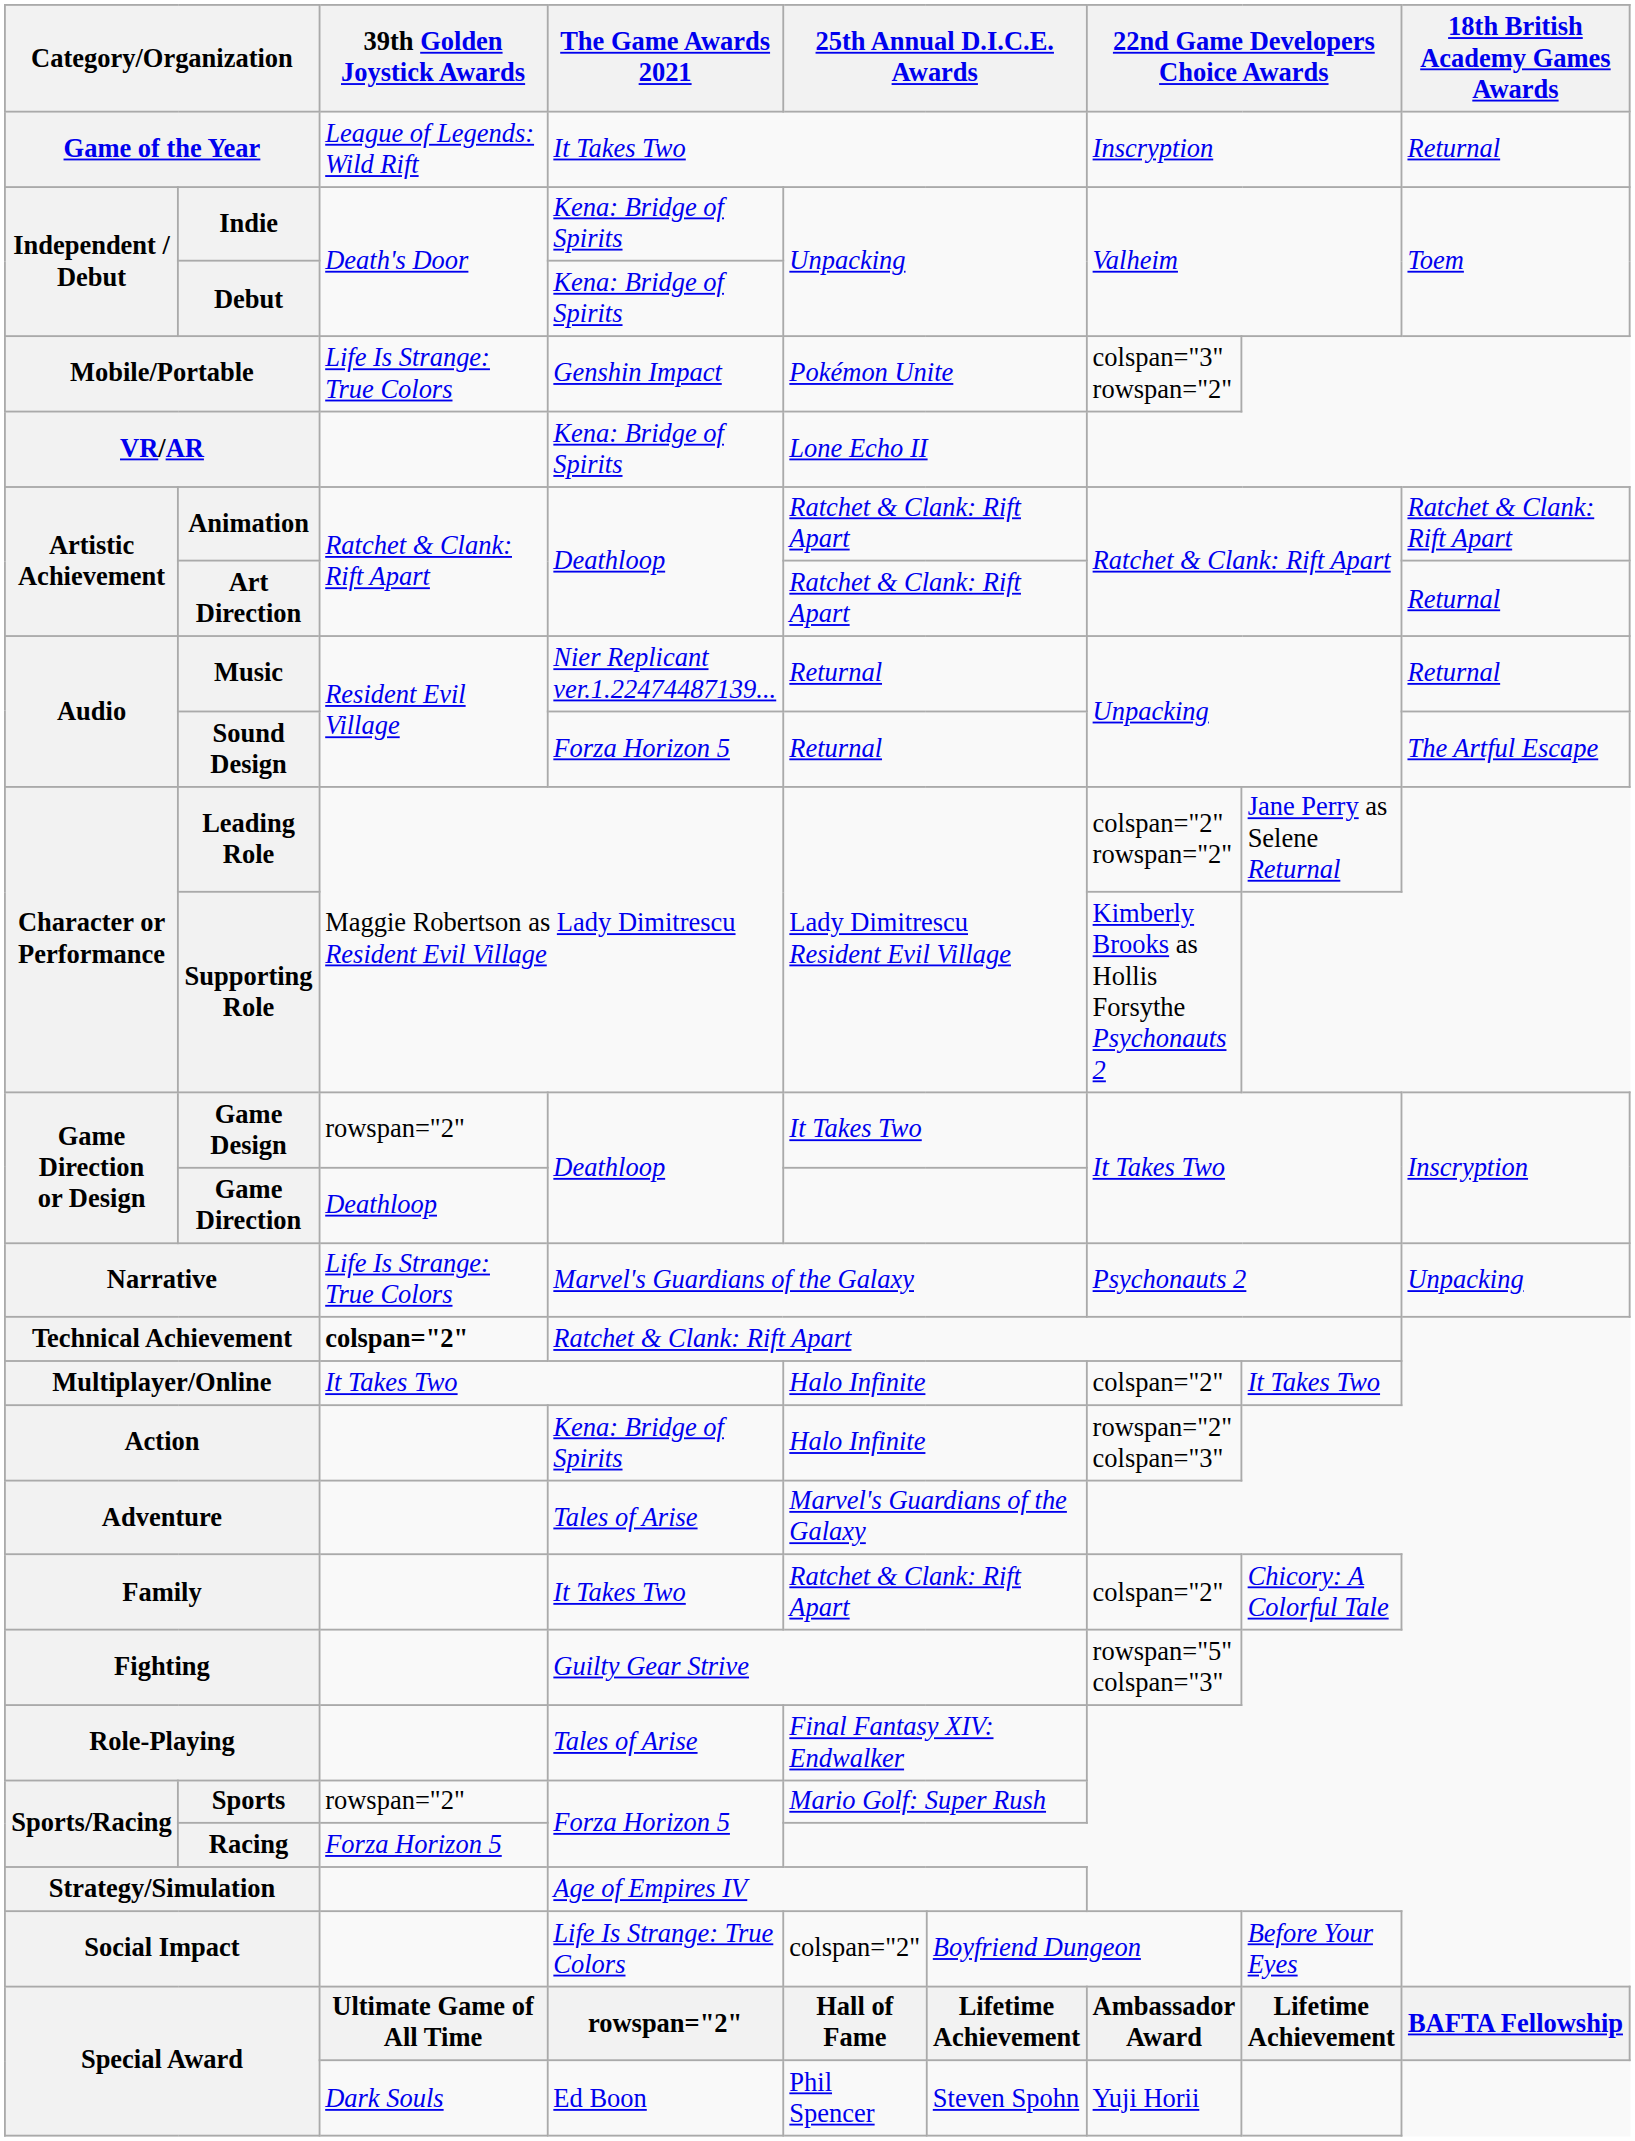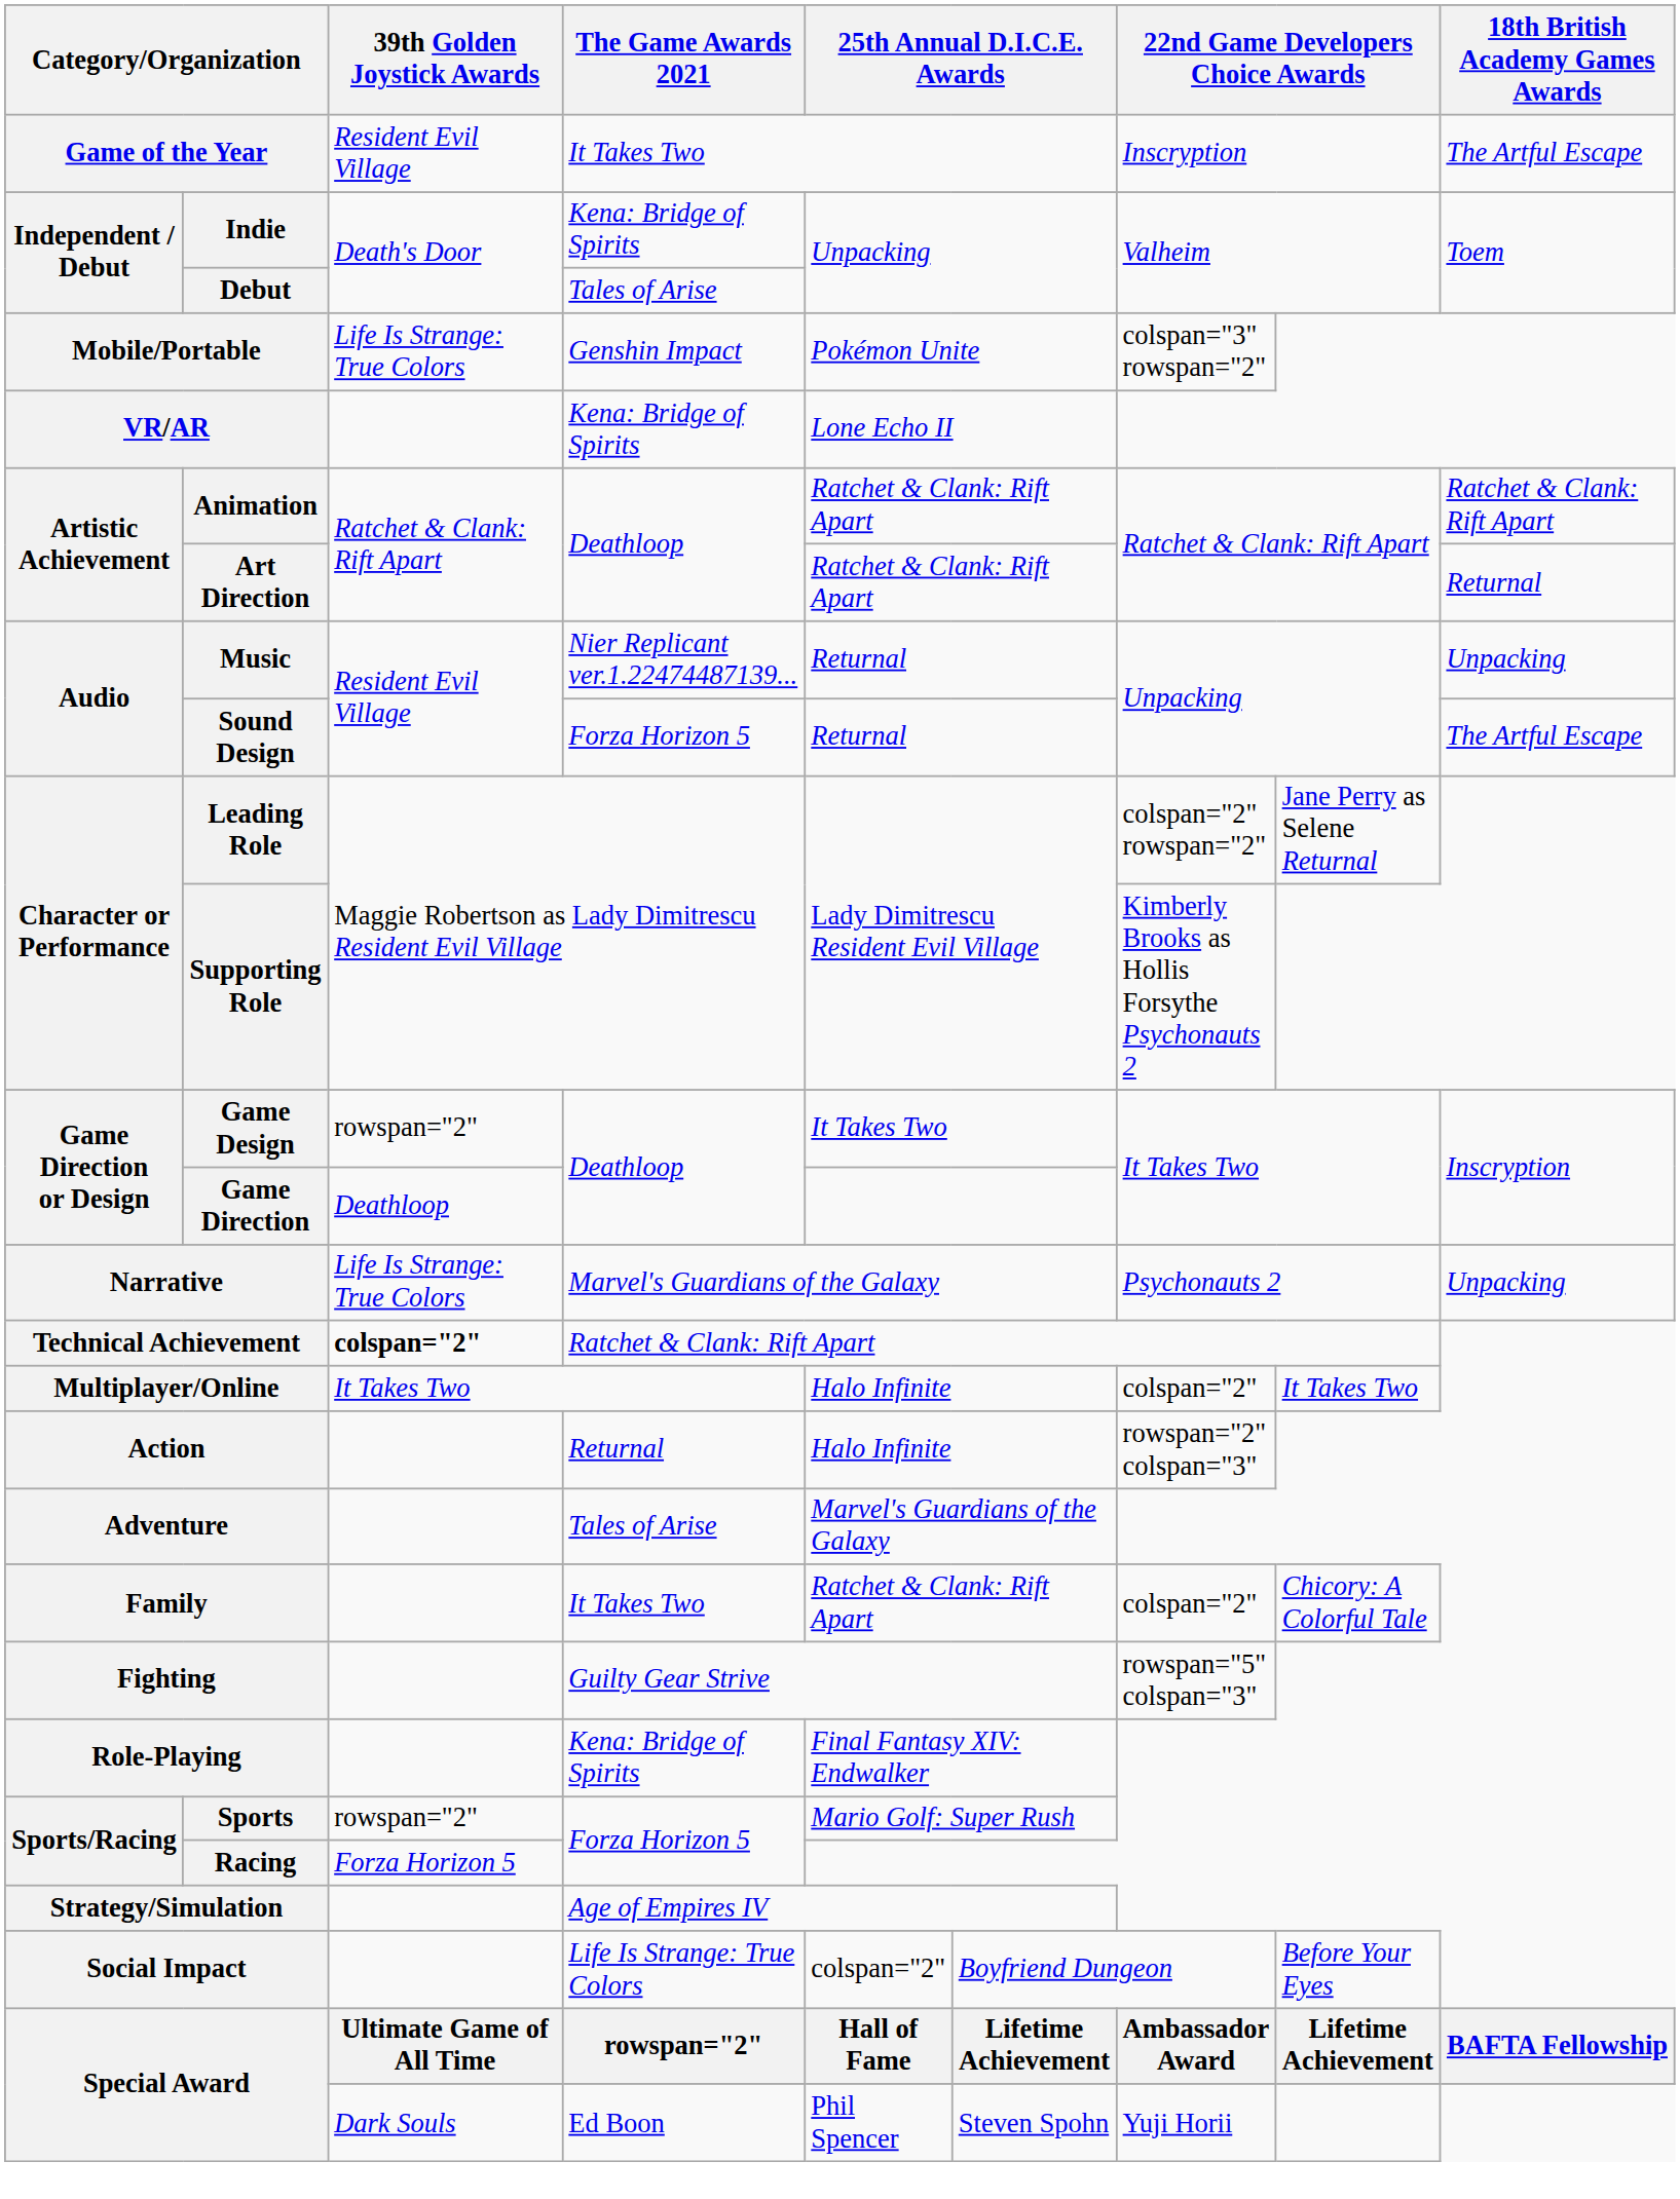 <table class="wikitable" style="border:none; margin:0; width:100%; font-size: 90%;">
 <tr>
 <th colspan="2" style="width:16%;">Category/Organization</th>
 <th style="width:14%;">39th <a href='#'>Golden Joystick Awards</a><br></th>
 <th style="width:14%;"><a href='#'>The Game Awards 2021</a><br></th>
 <th colspan="2" style="width:14%;"><a href='#'>25th Annual D.I.C.E. Awards</a><br></th>
 <th colspan="2" style="width:14%;"><a href='#'>22nd Game Developers Choice Awards</a><br></th>
 <th style="width:14%;"><a href='#'>18th British Academy Games Awards</a><br></th>
 </tr>
 <tr>
 <th scope="row" colspan="2"><a href='#'>Game of the Year</a></th>
-<td><em><a href='#'>League of Legends: Wild Rift</a></em></td>
+<td><em><a href='#'>Resident Evil Village</a></em></td>
 <td colspan="3"><em><a href='#'>It Takes Two</a></em></td>
 <td colspan="2"><em><a href='#'>Inscryption</a></em></td>
-<td><em><a href='#'>Returnal</a></em></td>
+<td><em><a href='#'>The Artful Escape</a></em></td>
 </tr>
 <tr>
 <th scope="row"  rowspan="2" style="width:9%;">Independent / Debut</th>
 <th>Indie</th>
 <td rowspan="2"><em><a href='#'>Death's Door</a></em></td>
 <td><em><a href='#'>Kena: Bridge of Spirits</a></em></td>
 <td rowspan="2" colspan="2"><em><a href='#'>Unpacking</a></em></td>
 <td rowspan="2" colspan="2"><em><a href='#'>Valheim</a></em></td>
 <td rowspan="2"><em><a href='#'>Toem</a></em></td>
 </tr>
 <tr>
 <th scope="row">Debut</th>
-<td><em><a href='#'>Kena: Bridge of Spirits</a></em></td>
+<td><em><a href='#'>Tales of Arise</a></em></td>
 </tr>
 <tr>
 <th scope="row" colspan="2">Mobile/Portable</th>
 <td><em><a href='#'>Life Is Strange: True Colors</a></em></td>
 <td><em><a href='#'>Genshin Impact</a></em></td>
 <td colspan="2"><em><a href='#'>Pokémon Unite</a></em></td>
 <td>colspan="3" rowspan="2" </td>
 </tr>
 <tr>
 <th scope="row" colspan="2"><a href='#'>VR</a>/<a href='#'>AR</a></th>
 <td></td>
 <td><em><a href='#'>Kena: Bridge of Spirits</a></em></td>
 <td colspan="2"><em><a href='#'>Lone Echo II</a></em></td>
 </tr>
 <tr>
 <th scope="row" rowspan="2" style="width:9%;">Artistic Achievement</th>
 <th>Animation</th>
 <td rowspan="2"><em><a href='#'>Ratchet & Clank: Rift Apart</a></em></td>
 <td rowspan="2"><em><a href='#'>Deathloop</a></em></td>
 <td colspan="2"><em><a href='#'>Ratchet & Clank: Rift Apart</a></em></td>
 <td rowspan="2" colspan="2"><em><a href='#'>Ratchet & Clank: Rift Apart</a></em></td>
 <td><em><a href='#'>Ratchet & Clank: Rift Apart</a></em></td>
 </tr>
 <tr>
 <th scope="row">Art Direction</th>
 <td colspan="2"><em><a href='#'>Ratchet & Clank: Rift Apart</a></em></td>
 <td><em><a href='#'>Returnal</a></em></td>
 </tr>
 <tr>
 <th scope="row" rowspan="2" style="width:9%;">Audio</th>
 <th>Music</th>
 <td rowspan="2"><em><a href='#'>Resident Evil Village</a></em></td>
 <td><em><a href='#'>Nier Replicant ver.1.22474487139...</a></em></td>
 <td colspan="2"><em><a href='#'>Returnal</a></em></td>
 <td rowspan="2" colspan="2"><em><a href='#'>Unpacking</a></em></td>
-<td><em><a href='#'>Returnal</a></em></td>
+<td><em><a href='#'>Unpacking</a></em></td>
 </tr>
 <tr>
 <th scope="row">Sound Design</th>
 <td><em><a href='#'>Forza Horizon 5</a></em></td>
 <td colspan="2"><em><a href='#'>Returnal</a></em></td>
 <td><em><a href='#'>The Artful Escape</a></em></td>
 </tr>
 <tr>
 <th scope="row" rowspan="2">Character or Performance</th>
 <th>Leading Role</th>
 <td rowspan="2" colspan="2">Maggie Robertson as <a href='#'>Lady Dimitrescu</a><br><em><a href='#'>Resident Evil Village</a></em></td>
 <td colspan="2" rowspan="2"><a href='#'>Lady Dimitrescu</a><br> <em><a href='#'>Resident Evil Village</a></em></td>
 <td>colspan="2" rowspan="2" </td>
 <td><a href='#'>Jane Perry</a> as Selene<br><em><a href='#'>Returnal</a></em></td>
 </tr>
 <tr>
 <th scope="row">Supporting Role</th>
 <td><a href='#'>Kimberly Brooks</a> as Hollis Forsythe<br><em><a href='#'>Psychonauts 2</a></em></td>
 </tr>
 <tr>
 <th scope="row" rowspan="2" style="width:9%;">Game Direction<br> or Design</th>
 <th>Game Design</th>
 <td>rowspan="2" </td>
 <td rowspan="2"><em><a href='#'>Deathloop</a></em></td>
 <td colspan="2"><em><a href='#'>It Takes Two</a></em></td>
 <td rowspan="2" colspan="2"><em><a href='#'>It Takes Two</a></em></td>
 <td rowspan="2"><em><a href='#'>Inscryption</a></em></td>
 </tr>
 <tr>
 <th scope="row">Game Direction</th>
 <td colspan="2"><em><a href='#'>Deathloop</a></em></td>
 </tr>
 <tr>
 <th scope="row" colspan="2">Narrative</th>
 <td><em><a href='#'>Life Is Strange: True Colors</a></em></td>
 <td colspan="3"><em><a href='#'>Marvel's Guardians of the Galaxy</a></em></td>
 <td colspan="2"><em><a href='#'>Psychonauts 2</a></em></td>
 <td><em><a href='#'>Unpacking</a></em></td>
 </tr>
 <tr>
 <th scope="row" colspan="2">Technical Achievement</th>
 <td><strong>colspan="2" </strong></td>
 <td colspan="5"><em><a href='#'>Ratchet & Clank: Rift Apart</a></em></td>
 </tr>
 <tr>
 <th scope="row" colspan="2">Multiplayer/Online</th>
 <td colspan="2"><em><a href='#'>It Takes Two</a></em></td>
 <td colspan="2"><em><a href='#'>Halo Infinite</a></em></td>
 <td>colspan="2" </td>
 <td><em><a href='#'>It Takes Two</a></em></td>
 </tr>
 <tr>
 <th scope="row" colspan="2">Action</th>
 <td></td>
-<td><em><a href='#'>Kena: Bridge of Spirits</a></em></td>
+<td><em><a href='#'>Returnal</a></em></td>
 <td colspan="2"><em><a href='#'>Halo Infinite</a></em></td>
 <td>rowspan="2" colspan="3" </td>
 </tr>
 <tr>
 <th scope="row" colspan="2">Adventure</th>
 <td></td>
 <td><em><a href='#'>Tales of Arise</a></em></td>
 <td colspan="2"><em><a href='#'>Marvel's Guardians of the Galaxy</a></em></td>
 </tr>
 <tr>
 <th scope="row" colspan="2">Family</th>
 <td></td>
 <td><em><a href='#'>It Takes Two</a></em></td>
 <td colspan="2"><em><a href='#'>Ratchet & Clank: Rift Apart</a></em></td>
 <td>colspan="2" </td>
 <td><em><a href='#'>Chicory: A Colorful Tale</a></em></td>
 </tr>
 <tr>
 <th scope="row" colspan="2">Fighting</th>
 <td></td>
 <td colspan="3"><em><a href='#'>Guilty Gear Strive</a></em></td>
 <td>rowspan="5" colspan="3" </td>
 </tr>
 <tr>
 <th scope="row" colspan="2">Role-Playing</th>
 <td></td>
-<td><em><a href='#'>Tales of Arise</a></em></td>
+<td><em><a href='#'>Kena: Bridge of Spirits</a></em></td>
 <td colspan="2"><em><a href='#'>Final Fantasy XIV: Endwalker</a></em></td>
 </tr>
 <tr>
 <th scope="row" rowspan="2">Sports/Racing</th>
 <th>Sports</th>
 <td>rowspan="2" </td>
 <td rowspan="2"><em><a href='#'>Forza Horizon 5</a></em></td>
 <td colspan="2"><em><a href='#'>Mario Golf: Super Rush</a></em></td>
 </tr>
 <tr>
 <th>Racing</th>
 <td colspan="2"><em><a href='#'>Forza Horizon 5</a></em></td>
 </tr>
 <tr>
 <th scope="row" colspan="2">Strategy/Simulation</th>
 <td></td>
 <td colspan="3"><em><a href='#'>Age of Empires IV</a></em></td>
 </tr>
 <tr>
 <th scope="row" colspan="2">Social Impact</th>
 <td></td>
 <td><em><a href='#'>Life Is Strange: True Colors</a></em></td>
 <td>colspan="2" </td>
 <td colspan="2"><em><a href='#'>Boyfriend Dungeon</a></em></td>
 <td><em><a href='#'>Before Your Eyes</a></em></td>
 </tr>
 <tr>
 <th scope="row" rowspan="2" colspan="2">Special Award</th>
 <th>Ultimate Game of All Time</th>
 <th>rowspan="2" </th>
 <th width=7%>Hall of Fame</th>
 <th width=7%>Lifetime Achievement</th>
 <th width=7%>Ambassador Award</th>
 <th width=7%>Lifetime Achievement</th>
 <th><a href='#'>BAFTA Fellowship</a></th>
 </tr>
 <tr>
 <td><em><a href='#'>Dark Souls</a></em></td>
 <td><a href='#'>Ed Boon</a></td>
 <td><a href='#'>Phil Spencer</a></td>
 <td><a href='#'>Steven Spohn</a></td>
 <td><a href='#'>Yuji Horii</a></td>
 <td></td>
 </tr>
 </table>
